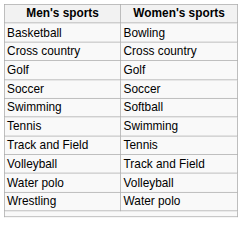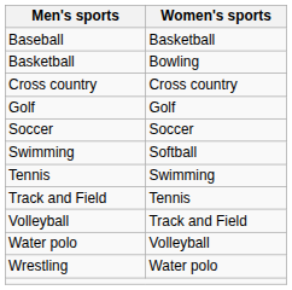 <table class="wikitable"; style= "text-align: ">
 <tr>
 <th width=150px>Men's sports</th>
 <th width=150px>Women's sports</th>
+</tr>
+<tr>
+<td>Baseball</td>
+<td>Basketball</td>
 </tr>
 <tr>
 <td>Basketball</td>
 <td>Bowling</td>
 </tr>
 <tr>
 <td>Cross country</td>
 <td>Cross country</td>
 </tr>
 <tr>
 <td>Golf</td>
 <td>Golf</td>
 </tr>
 <tr>
 <td>Soccer</td>
 <td>Soccer</td>
 </tr>
 <tr>
 <td>Swimming</td>
 <td>Softball</td>
 </tr>
 <tr>
 <td>Tennis</td>
 <td>Swimming</td>
 </tr>
 <tr>
 <td>Track and Field</td>
 <td>Tennis</td>
 </tr>
 <tr>
 <td>Volleyball</td>
 <td>Track and Field</td>
 </tr>
 <tr>
 <td>Water polo</td>
 <td>Volleyball</td>
 </tr>
 <tr>
 <td>Wrestling</td>
 <td>Water polo</td>
 </tr>
 <tr>
 <td colspan=2></td>
 </tr>
 </table>
